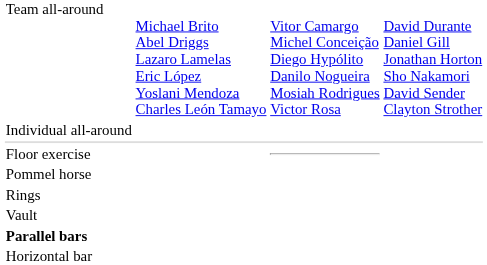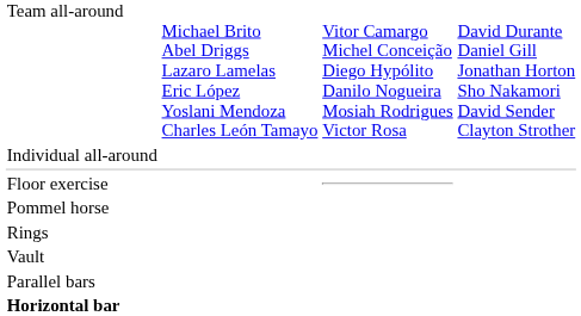 <table>
 <tr valign="top">
 <td>Team all-around<br></td>
 <td><br><a href='#'>Michael Brito</a><br><a href='#'>Abel Driggs</a><br><a href='#'>Lazaro Lamelas</a><br><a href='#'>Eric López</a><br><a href='#'>Yoslani Mendoza</a><br><a href='#'>Charles León Tamayo</a></td>
 <td><br><a href='#'>Vitor Camargo</a><br><a href='#'>Michel Conceição</a><br><a href='#'>Diego Hypólito</a><br><a href='#'>Danilo Nogueira</a><br><a href='#'>Mosiah Rodrigues</a><br><a href='#'>Victor Rosa</a></td>
 <td><br><a href='#'>David Durante</a><br><a href='#'>Daniel Gill</a><br><a href='#'>Jonathan Horton</a><br><a href='#'>Sho Nakamori</a><br><a href='#'>David Sender</a><br><a href='#'>Clayton Strother</a></td>
 </tr>
 <tr>
 <td>Individual all-around<br></td>
 <td></td>
 <td></td>
 <td></td>
 </tr>
 <tr bgcolor=#DDDDDD>
 <td colspan=7></td>
 </tr>
 <tr>
 <td>Floor exercise<br></td>
 <td></td>
 <td><hr></td>
 <td></td>
 </tr>
 <tr>
 <td rowspan=2>Pommel horse<br></td>
 <td rowspan=2></td>
 <td rowspan=2></td>
 <td></td>
 </tr>
 <tr>
 <td></td>
 </tr>
 <tr>
 <td>Rings<br></td>
 <td></td>
 <td></td>
 <td></td>
 </tr>
 <tr>
 <td>Vault<br></td>
 <td></td>
 <td></td>
 <td></td>
 </tr>
 <tr>
-<td><strong>Parallel bars<br></strong></td>
+<td>Parallel bars<br></td>
 <td></td>
 <td></td>
 <td></td>
 </tr>
 <tr>
-<td>Horizontal bar<br></td>
+<td><strong>Horizontal bar<br></strong></td>
 <td></td>
 <td></td>
 <td></td>
 </tr>
 </table>
